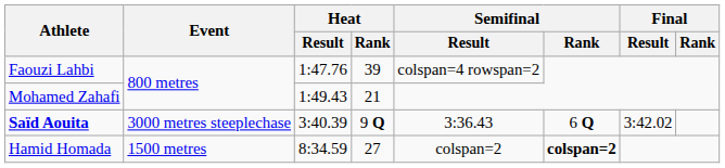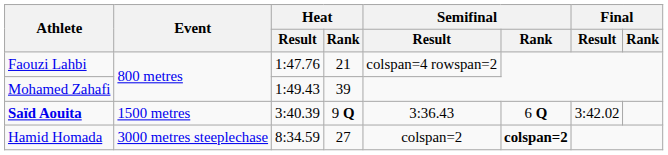 <table class=wikitable style=font-size:90%>
 <tr>
 <th rowspan=2>Athlete</th>
 <th rowspan=2>Event</th>
 <th colspan=2>Heat</th>
 <th colspan=2>Semifinal</th>
 <th colspan=2>Final</th>
 </tr>
 <tr style=font-size:95%>
 <th>Result</th>
 <th>Rank</th>
 <th>Result</th>
 <th>Rank</th>
 <th>Result</th>
 <th>Rank</th>
 </tr>
 <tr align=center>
 <td align=left><a href='#'>Faouzi Lahbi</a></td>
 <td align=left rowspan=2><a href='#'>800 metres</a></td>
 <td>1:47.76</td>
-<td>39</td>
+<td>21</td>
 <td>colspan=4 rowspan=2 </td>
 </tr>
 <tr align=center>
 <td align=left><a href='#'>Mohamed Zahafi</a></td>
 <td>1:49.43</td>
-<td>21</td>
+<td>39</td>
 </tr>
 <tr align=center>
 <td align=left><strong><a href='#'>Saïd Aouita</a></strong></td>
-<td align=left><a href='#'>3000 metres steeplechase</a></td>
+<td align=left><a href='#'>1500 metres</a></td>
 <td>3:40.39</td>
 <td>9 <strong>Q</strong></td>
 <td>3:36.43</td>
 <td>6 <strong>Q</strong></td>
 <td>3:42.02</td>
 <td></td>
 </tr>
 <tr align=center>
 <td align=left><a href='#'>Hamid Homada</a></td>
-<td align=left><a href='#'>1500 metres</a></td>
+<td align=left><a href='#'>3000 metres steeplechase</a></td>
 <td>8:34.59</td>
 <td>27</td>
 <td>colspan=2 </td>
 <td><strong>colspan=2 </strong></td>
 </tr>
 </table>
